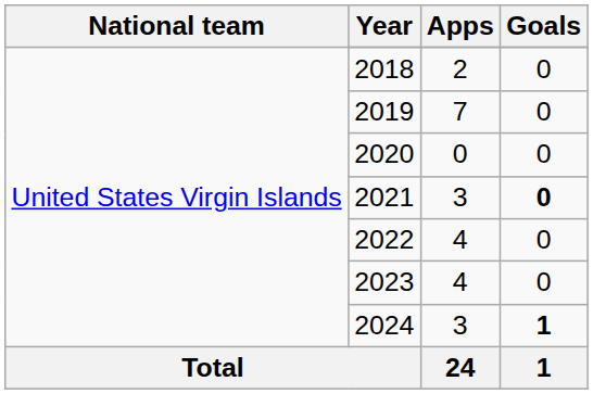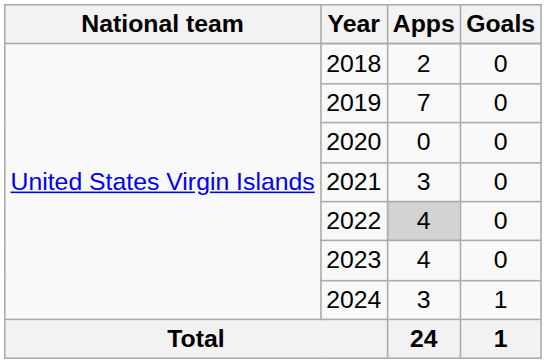 <table class="wikitable" style="text-align:center">
 <tr>
 <th>National team</th>
 <th>Year</th>
 <th>Apps</th>
 <th>Goals</th>
 </tr>
 <tr>
 <td rowspan="8"><a href='#'>United States Virgin Islands</a></td>
 </tr>
 <tr>
 <td>2018</td>
 <td>2</td>
 <td>0</td>
 </tr>
 <tr>
 <td>2019</td>
 <td>7</td>
 <td>0</td>
 </tr>
 <tr>
 <td>2020</td>
 <td>0</td>
 <td>0</td>
 </tr>
 <tr>
 <td>2021</td>
 <td>3</td>
-<td><strong>0</strong></td>
+<td>0</td>
 </tr>
 <tr>
 <td>2022</td>
-<td>4</td>
+<td style="background: lightgrey;">4</td>
 <td>0</td>
 </tr>
 <tr>
 <td>2023</td>
 <td>4</td>
 <td>0</td>
 </tr>
 <tr>
 <td>2024</td>
 <td>3</td>
-<td><strong>1</strong></td>
+<td>1</td>
 </tr>
 <tr>
 <th colspan=2>Total</th>
 <th>24</th>
 <th>1</th>
 </tr>
 </table>
